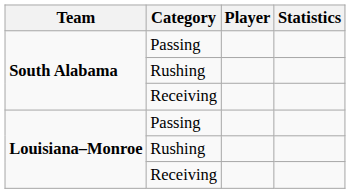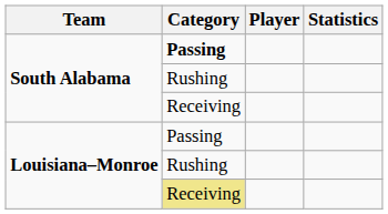 <table class="wikitable" style="float: right;">
 <tr>
 <th>Team</th>
 <th>Category</th>
 <th>Player</th>
 <th>Statistics</th>
 </tr>
 <tr>
 <td rowspan=3><strong>South Alabama</strong></td>
-<td>Passing</td>
+<td><strong>Passing</strong></td>
 <td></td>
 <td></td>
 </tr>
 <tr>
 <td>Rushing</td>
 <td></td>
 <td></td>
 </tr>
 <tr>
 <td>Receiving</td>
 <td></td>
 <td></td>
 </tr>
 <tr>
 <td rowspan=3><strong>Louisiana–Monroe</strong></td>
 <td>Passing</td>
 <td></td>
 <td></td>
 </tr>
 <tr>
 <td>Rushing</td>
 <td></td>
 <td></td>
 </tr>
 <tr>
-<td>Receiving</td>
+<td style="background: khaki;">Receiving</td>
 <td></td>
 <td></td>
 </tr>
 </table>
